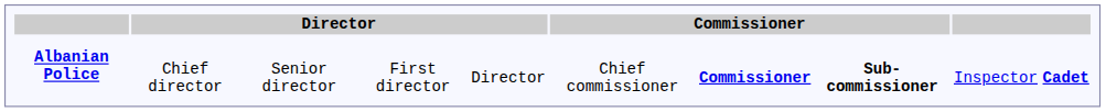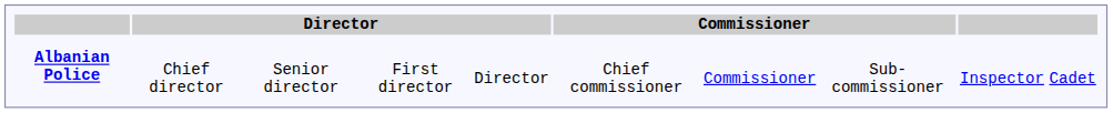 <table style="border:1px solid #8888aa; background-color:#f7f8ff; padding:5px; font-size:95%; margin: 0px 12px 12px 0px;">
 <tr style="background-color:#CCCCCC;">
 <th></th>
 <th colspan=4>Director</th>
 <th colspan=3>Commissioner</th>
 <th colspan=2></th>
 </tr>
 <tr style="text-align:center;">
 <td rowspan=2> <strong><a href='#'>Albanian Police</a></strong></td>
 <td></td>
 <td></td>
 <td></td>
 <td></td>
 <td></td>
 <td></td>
 <td></td>
 <td></td>
 <td></td>
 </tr>
 <tr style="text-align:center;">
 <td><br>Chief director</td>
 <td><br>Senior director</td>
 <td><br>First director</td>
 <td><br>Director</td>
 <td><br>Chief commissioner</td>
-<td><strong><br><a href='#'>Commissioner</a></strong></td>
-<td><strong><br>Sub-commissioner</strong></td>
+<td><br><a href='#'>Commissioner</a></td>
+<td><br>Sub-commissioner</td>
 <td><br><a href='#'>Inspector</a></td>
-<td><strong><br><a href='#'>Cadet</a></strong></td>
+<td><br><a href='#'>Cadet</a></td>
 </tr>
 </table>
